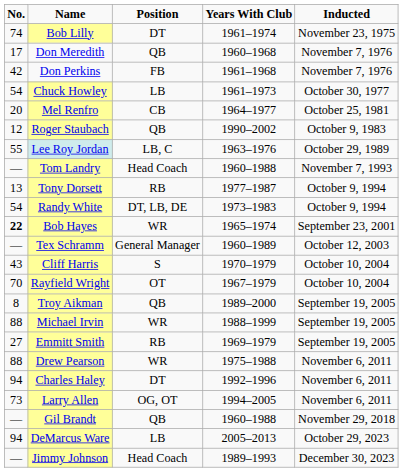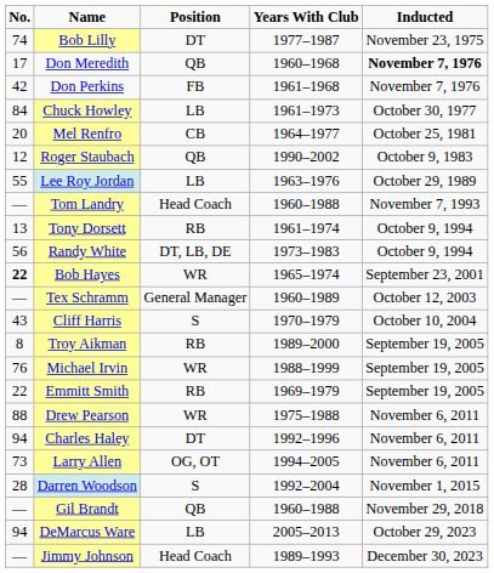 <table class="wikitable" style="text-align:center">
 <tr>
 <td><strong>No.</strong></td>
 <td><strong>Name</strong></td>
 <td><strong>Position </strong></td>
 <td><strong>Years With Club</strong></td>
 <td><strong>Inducted</strong></td>
 </tr>
 <tr>
 <td>74</td>
 <td style="background:#ff9"><a href='#'>Bob Lilly</a></td>
 <td>DT</td>
-<td>1961–1974</td>
+<td>1977–1987</td>
 <td>November 23, 1975</td>
 </tr>
 <tr>
 <td>17</td>
 <td><a href='#'>Don Meredith</a></td>
 <td>QB</td>
 <td>1960–1968</td>
-<td>November 7, 1976</td>
+<td><strong>November 7, 1976</strong></td>
 </tr>
 <tr>
 <td>42</td>
 <td><a href='#'>Don Perkins</a></td>
 <td>FB</td>
 <td>1961–1968</td>
 <td>November 7, 1976</td>
 </tr>
 <tr>
-<td>54</td>
+<td>84</td>
 <td style="background:#ff9"><a href='#'>Chuck Howley</a></td>
 <td>LB</td>
 <td>1961–1973</td>
 <td>October 30, 1977</td>
 </tr>
 <tr>
 <td>20</td>
 <td style="background:#ff9"><a href='#'>Mel Renfro</a></td>
 <td>CB</td>
 <td>1964–1977</td>
 <td>October 25, 1981</td>
 </tr>
 <tr>
 <td>12</td>
 <td style="background:#ff9"><a href='#'>Roger Staubach</a></td>
 <td>QB</td>
 <td>1990–2002</td>
 <td>October 9, 1983</td>
 </tr>
 <tr>
 <td>55</td>
 <td style="background:#cfecec"><a href='#'>Lee Roy Jordan</a></td>
-<td>LB, C</td>
+<td>LB</td>
 <td>1963–1976</td>
 <td>October 29, 1989</td>
 </tr>
 <tr>
 <td>—</td>
 <td style="background:#ff9"><a href='#'>Tom Landry</a></td>
 <td>Head Coach</td>
 <td>1960–1988</td>
 <td>November 7, 1993</td>
 </tr>
 <tr>
 <td>13</td>
 <td style="background:#ff9"><a href='#'>Tony Dorsett</a></td>
 <td>RB</td>
-<td>1977–1987</td>
+<td>1961–1974</td>
 <td>October 9, 1994</td>
 </tr>
 <tr>
-<td>54</td>
+<td>56</td>
 <td style="background:#ff9"><a href='#'>Randy White</a></td>
 <td>DT, LB, DE</td>
 <td>1973–1983</td>
 <td>October 9, 1994</td>
 </tr>
 <tr>
 <td><strong>22</strong></td>
 <td style="background:#ff9"><a href='#'>Bob Hayes</a></td>
 <td>WR</td>
 <td>1965–1974</td>
 <td>September 23, 2001</td>
 </tr>
 <tr>
 <td>—</td>
 <td style="background:#ff9"><a href='#'>Tex Schramm</a></td>
 <td>General Manager</td>
 <td>1960–1989</td>
 <td>October 12, 2003</td>
 </tr>
 <tr>
 <td>43</td>
 <td style="background:#ff9"><a href='#'>Cliff Harris</a></td>
 <td>S</td>
 <td>1970–1979</td>
 <td>October 10, 2004</td>
 </tr>
 <tr>
-<td>70</td>
-<td style="background:#ff9"><a href='#'>Rayfield Wright</a></td>
-<td>OT</td>
-<td>1967–1979</td>
-<td>October 10, 2004</td>
-</tr>
-<tr>
 <td>8</td>
 <td style="background:#ff9"><a href='#'>Troy Aikman</a></td>
-<td>QB</td>
+<td>RB</td>
 <td>1989–2000</td>
 <td>September 19, 2005</td>
 </tr>
 <tr>
-<td>88</td>
+<td>76</td>
 <td style="background:#ff9"><a href='#'>Michael Irvin</a></td>
 <td>WR</td>
 <td>1988–1999</td>
 <td>September 19, 2005</td>
 </tr>
 <tr>
-<td>27</td>
+<td>22</td>
 <td style="background:#ff9"><a href='#'>Emmitt Smith</a></td>
 <td>RB</td>
 <td>1969–1979</td>
 <td>September 19, 2005</td>
 </tr>
 <tr>
 <td>88</td>
 <td style="background:#ff9"><a href='#'>Drew Pearson</a></td>
 <td>WR</td>
 <td>1975–1988</td>
 <td>November 6, 2011</td>
 </tr>
 <tr>
 <td>94</td>
 <td style="background:#ff9"><a href='#'>Charles Haley</a></td>
 <td>DT</td>
 <td>1992–1996</td>
 <td>November 6, 2011</td>
 </tr>
 <tr>
 <td>73</td>
 <td style="background:#ff9"><a href='#'>Larry Allen</a></td>
 <td>OG, OT</td>
 <td>1994–2005</td>
 <td>November 6, 2011</td>
 </tr>
 <tr>
+<td>28</td>
+<td style="background:#cfecec"><a href='#'>Darren Woodson</a></td>
+<td>S</td>
+<td>1992–2004</td>
+<td>November 1, 2015</td>
+</tr>
+<tr>
 <td>—</td>
 <td style="background:#ff9"><a href='#'>Gil Brandt</a></td>
 <td>QB</td>
 <td>1960–1988</td>
 <td>November 29, 2018</td>
 </tr>
 <tr>
 <td>94</td>
 <td style="background:#ff9"><a href='#'>DeMarcus Ware</a></td>
 <td>LB</td>
 <td>2005–2013</td>
 <td>October 29, 2023</td>
 </tr>
 <tr>
 <td>—</td>
 <td style="background:#ff9"><a href='#'>Jimmy Johnson</a></td>
 <td>Head Coach</td>
 <td>1989–1993</td>
 <td>December 30, 2023</td>
 </tr>
 </table>
